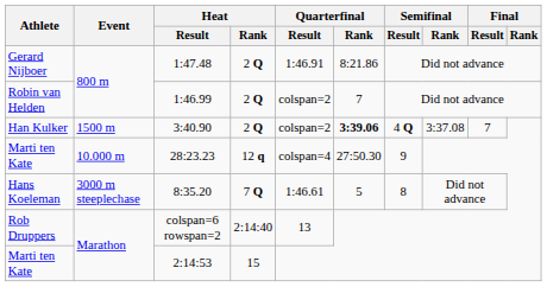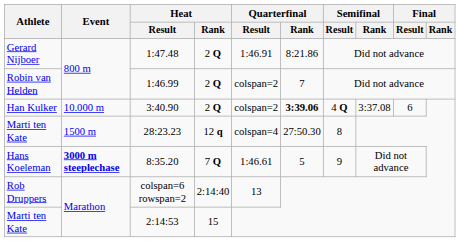 <table class="wikitable" style="font-size:90%">
 <tr>
 <th rowspan="2">Athlete</th>
 <th rowspan="2">Event</th>
 <th colspan="2">Heat</th>
 <th colspan="2">Quarterfinal</th>
 <th colspan="2">Semifinal</th>
 <th colspan="2">Final</th>
 </tr>
 <tr style="font-size:95%">
 <th>Result</th>
 <th>Rank</th>
 <th>Result</th>
 <th>Rank</th>
 <th>Result</th>
 <th>Rank</th>
 <th>Result</th>
 <th>Rank</th>
 </tr>
 <tr align=center>
 <td align=left><a href='#'>Gerard Nijboer</a></td>
 <td align=left rowspan=2><a href='#'>800 m</a></td>
 <td>1:47.48</td>
 <td>2 <strong>Q</strong></td>
 <td>1:46.91</td>
 <td>8:21.86</td>
 <td colspan=4>Did not advance</td>
 </tr>
 <tr align=center>
 <td align=left><a href='#'>Robin van Helden</a></td>
 <td>1:46.99</td>
 <td>2 <strong>Q</strong></td>
 <td>colspan=2 </td>
 <td>7</td>
 <td colspan=4>Did not advance</td>
 </tr>
 <tr align=center>
 <td align=left><a href='#'>Han Kulker</a></td>
-<td align=left rowspan=1><a href='#'>1500 m</a></td>
+<td align=left rowspan=1><a href='#'>10.000 m</a></td>
 <td>3:40.90</td>
 <td>2 <strong>Q</strong></td>
 <td>colspan=2 </td>
 <td><strong>3:39.06</strong></td>
 <td>4 <strong>Q</strong></td>
 <td>3:37.08</td>
-<td>7</td>
+<td>6</td>
 </tr>
 <tr align=center>
 <td align=left><a href='#'>Marti ten Kate</a></td>
-<td align=left rowspan=1><a href='#'>10.000 m</a></td>
+<td align=left rowspan=1><a href='#'>1500 m</a></td>
 <td>28:23.23</td>
 <td>12 <strong>q</strong></td>
 <td>colspan=4 </td>
 <td>27:50.30</td>
-<td>9</td>
+<td>8</td>
 </tr>
 <tr align=center>
 <td align=left><a href='#'>Hans Koeleman</a></td>
-<td align=left rowspan=1><a href='#'>3000 m steeplechase</a></td>
+<td align=left rowspan=1><strong><a href='#'>3000 m steeplechase</a></strong></td>
 <td>8:35.20</td>
 <td>7 <strong>Q</strong></td>
 <td>1:46.61</td>
 <td>5</td>
-<td>8</td>
+<td>9</td>
 <td colspan=2>Did not advance</td>
 </tr>
 <tr align=center>
 <td align=left><a href='#'>Rob Druppers</a></td>
 <td align=left rowspan=2><a href='#'>Marathon</a></td>
 <td>colspan=6 rowspan=2 </td>
 <td>2:14:40</td>
 <td>13</td>
 </tr>
 <tr align=center>
 <td align=left><a href='#'>Marti ten Kate</a></td>
 <td>2:14:53</td>
 <td>15</td>
 </tr>
 </table>
